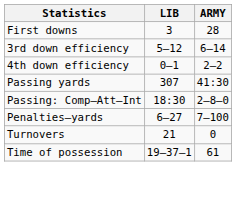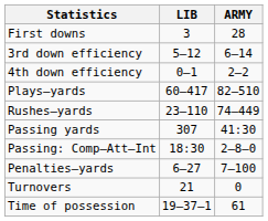 <table class="wikitable">
 <tr>
 <th>Statistics</th>
 <th>LIB</th>
 <th>ARMY</th>
 </tr>
 <tr>
 <td>First downs</td>
 <td align=center>3</td>
 <td align=center>28</td>
 </tr>
 <tr>
 <td>3rd down efficiency</td>
 <td align=center>5–12</td>
 <td align=center>6–14</td>
 </tr>
 <tr>
 <td>4th down efficiency</td>
 <td align=center>0–1</td>
 <td align=center>2–2</td>
+</tr>
+<tr>
+<td>Plays–yards</td>
+<td align=center>60–417</td>
+<td align=center>82–510</td>
+</tr>
+<tr>
+<td>Rushes–yards</td>
+<td align=center>23–110</td>
+<td align=center>74–449</td>
 </tr>
 <tr>
 <td>Passing yards</td>
 <td align=center>307</td>
 <td align=center>41:30</td>
 </tr>
 <tr>
 <td>Passing: Comp–Att–Int</td>
 <td align=center>18:30</td>
 <td align=center>2–8–0</td>
 </tr>
 <tr>
 <td>Penalties–yards</td>
 <td align=center>6–27</td>
 <td align=center>7–100</td>
 </tr>
 <tr>
 <td>Turnovers</td>
 <td align=center>21</td>
 <td align=center>0</td>
 </tr>
 <tr>
 <td>Time of possession</td>
 <td align=center>19–37–1</td>
 <td align=center>61</td>
 </tr>
 </table>
